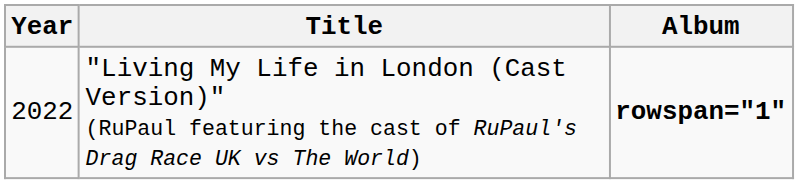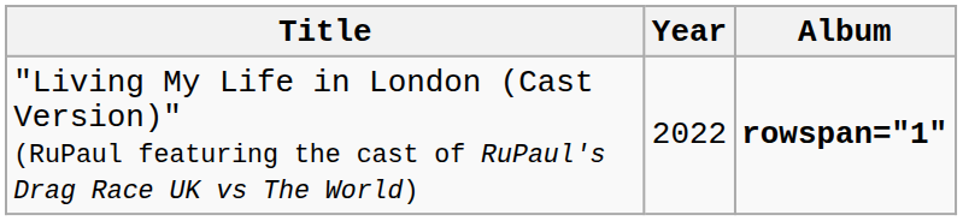 <table class="wikitable plainrowheaders" style="text-align:left;">
 <tr>
+<th style="width:20em;">Title</th>
 <th>Year</th>
-<th style="width:20em;">Title</th>
 <th>Album</th>
 </tr>
 <tr>
+<td scope="row">"Living My Life in London (Cast Version)" <br><small>(RuPaul featuring the cast of <em>RuPaul's Drag Race UK vs The World</em>)</small></td>
 <td rowspan="1">2022</td>
-<td scope="row">"Living My Life in London (Cast Version)" <br><small>(RuPaul featuring the cast of <em>RuPaul's Drag Race UK vs The World</em>)</small></td>
 <td><strong>rowspan="1" </strong></td>
 </tr>
 </table>
